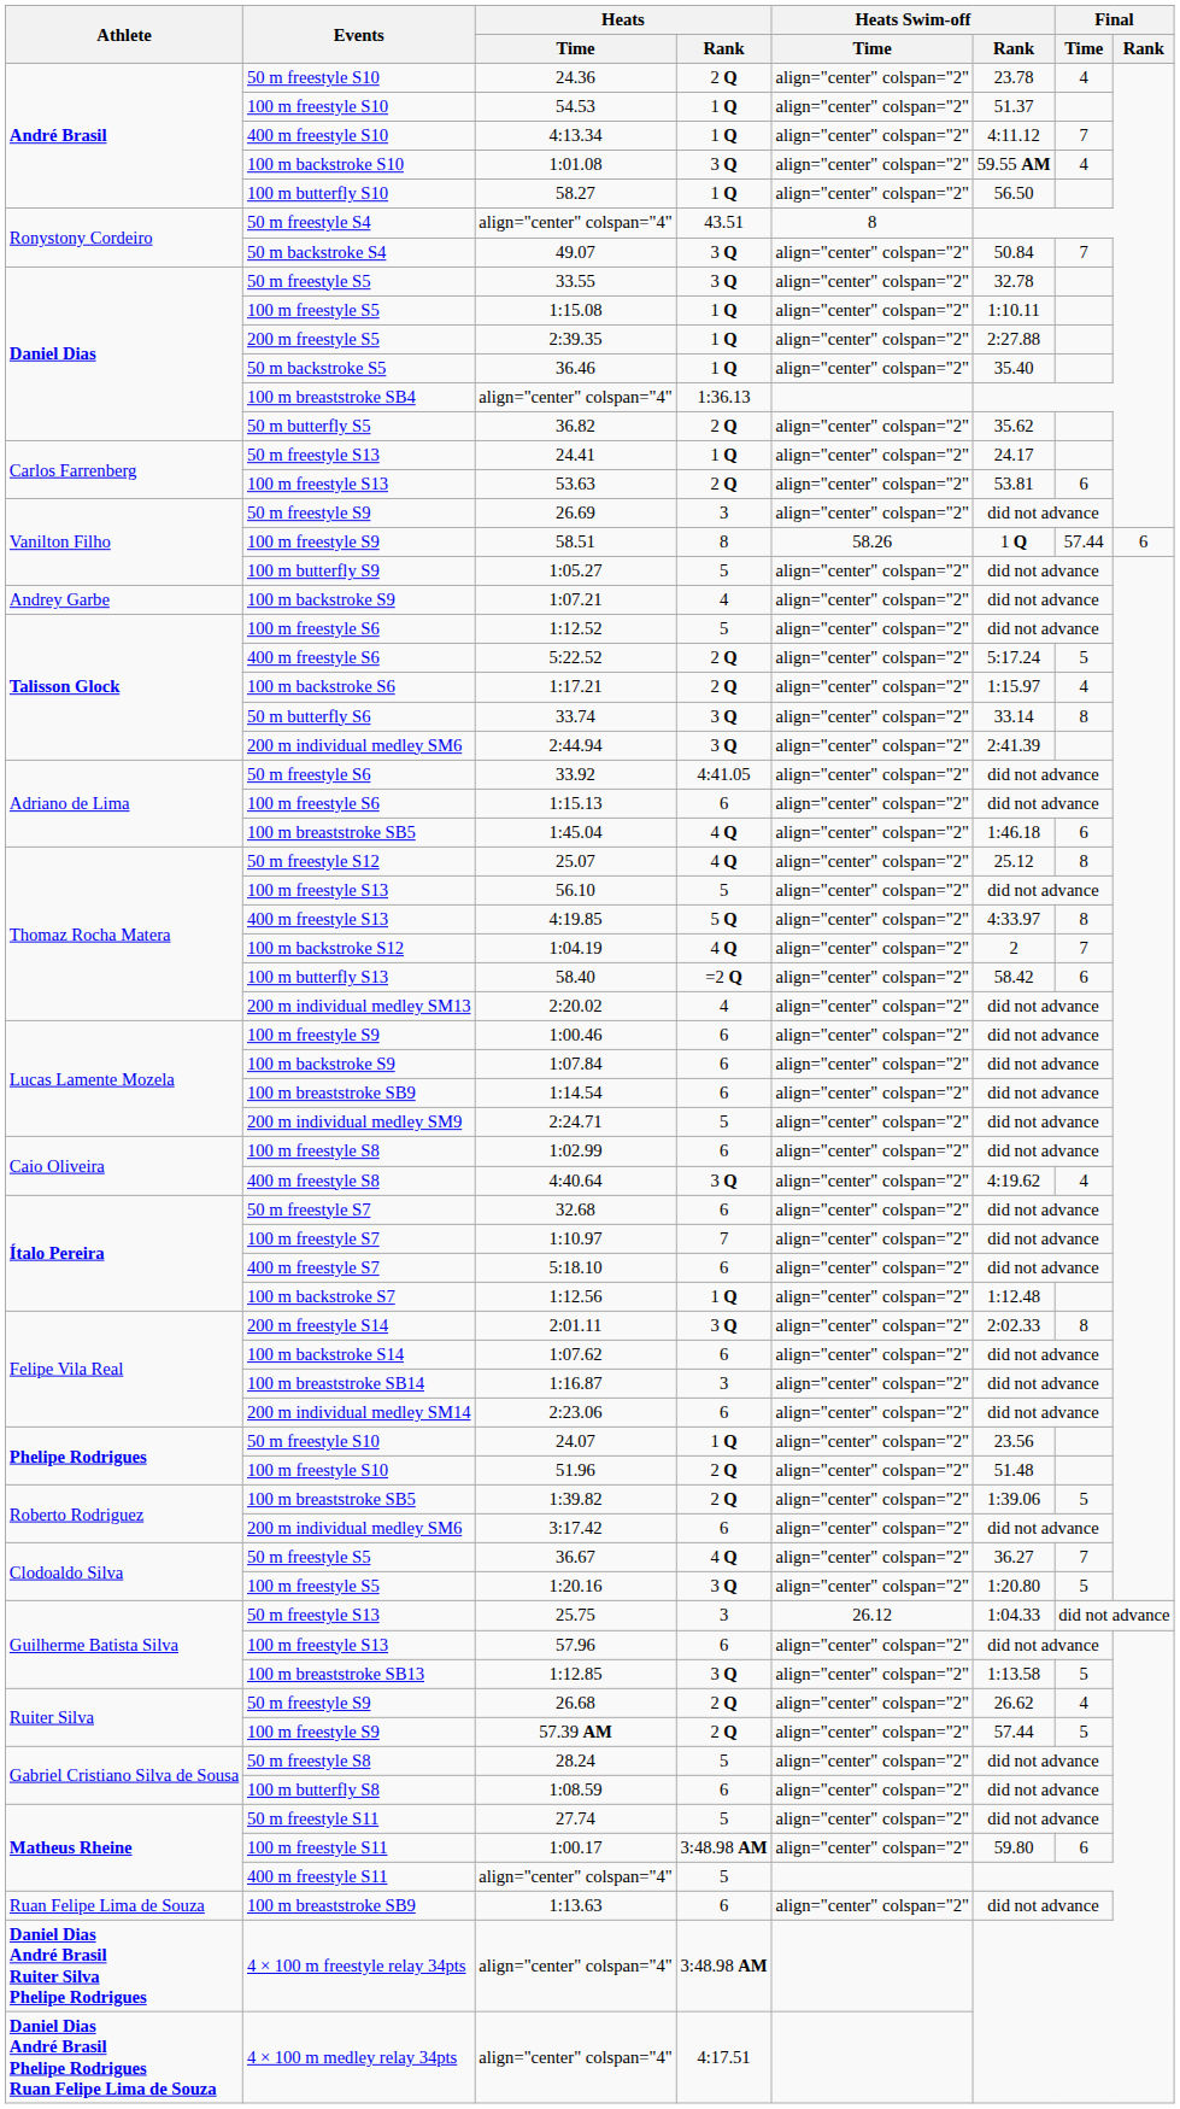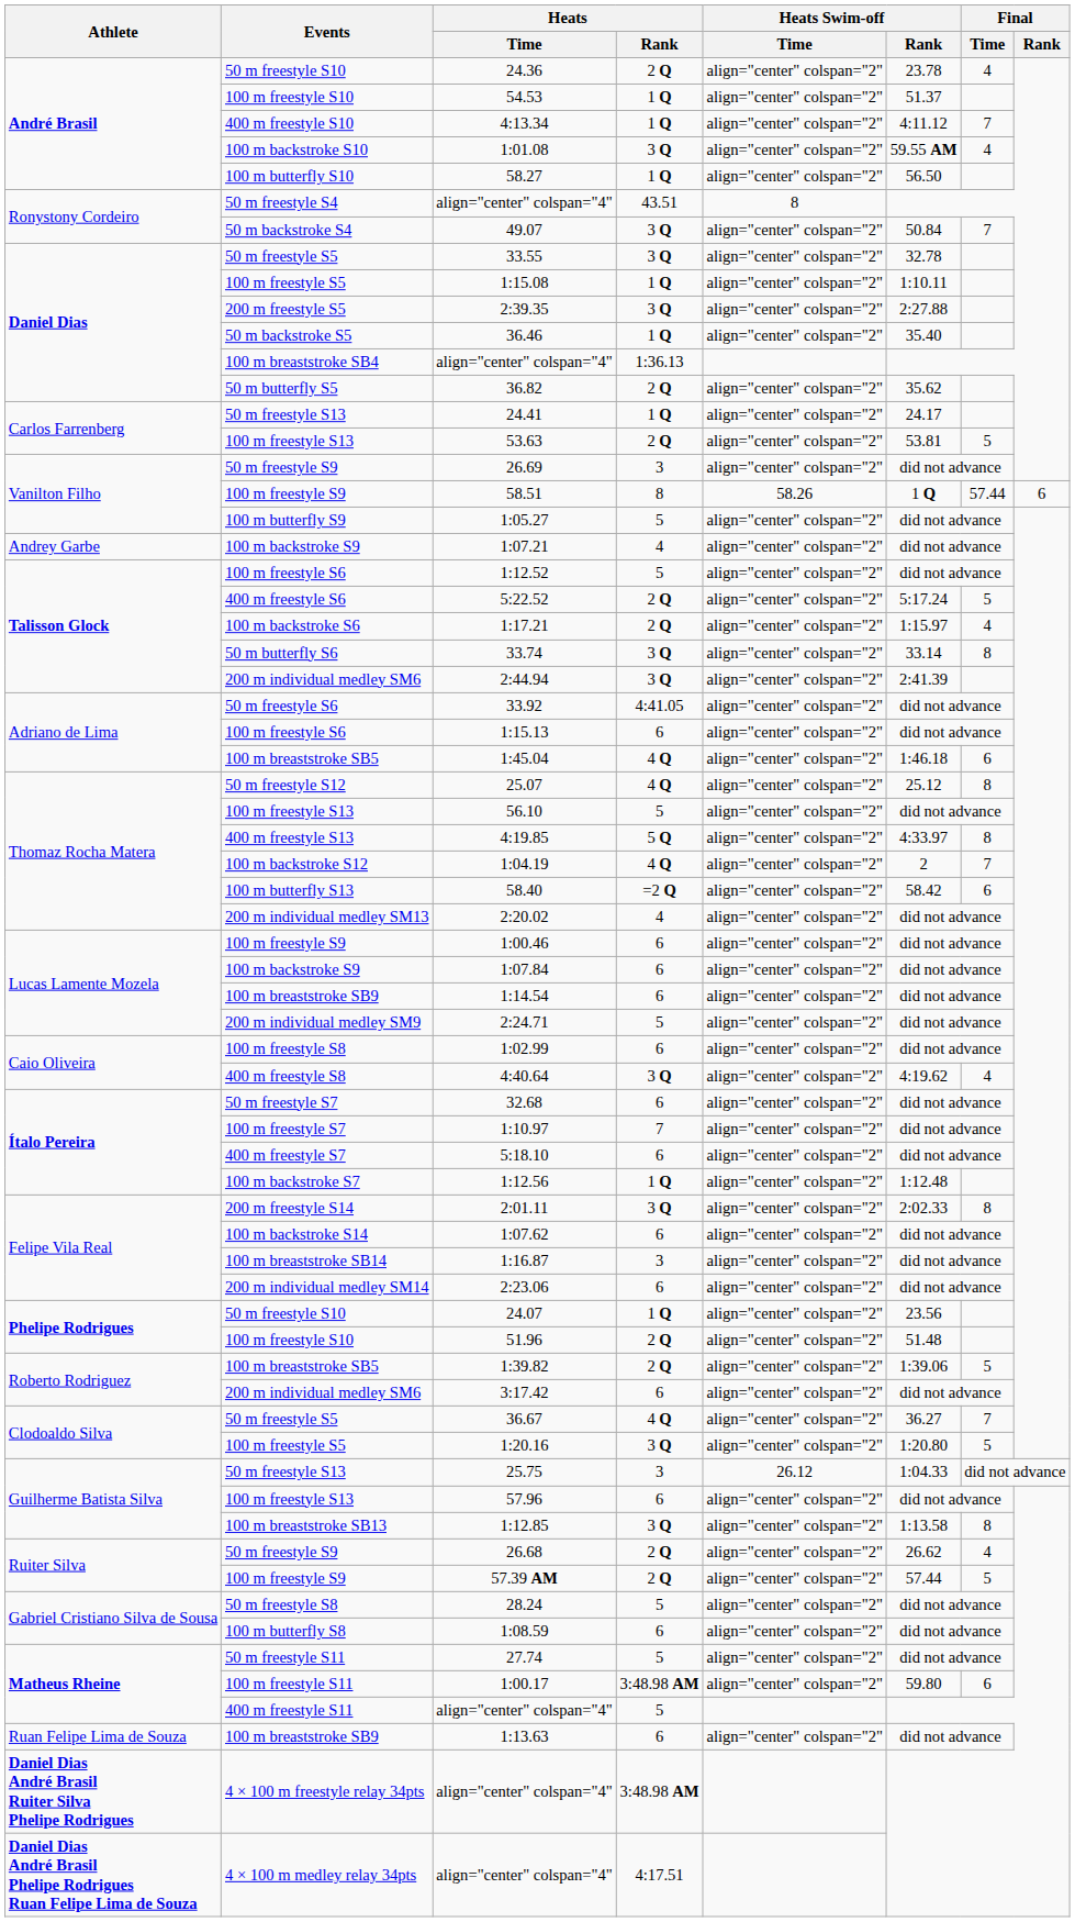 <table class=wikitable style="font-size:95%">
 <tr>
 <th rowspan="2">Athlete</th>
 <th rowspan="2">Events</th>
 <th colspan="2">Heats</th>
 <th colspan="2">Heats Swim-off</th>
 <th colspan="2">Final</th>
 </tr>
 <tr>
 <th>Time</th>
 <th>Rank</th>
 <th>Time</th>
 <th>Rank</th>
 <th>Time</th>
 <th>Rank</th>
 </tr>
 <tr>
 <td rowspan="5"><strong><a href='#'>André Brasil</a></strong></td>
 <td><a href='#'>50 m freestyle S10</a></td>
 <td style="text-align:center;">24.36</td>
 <td style="text-align:center;">2 <strong>Q</strong></td>
 <td>align="center" colspan="2" </td>
 <td style="text-align:center;">23.78</td>
 <td style="text-align:center;">4</td>
 </tr>
 <tr>
 <td><a href='#'>100 m freestyle S10</a></td>
 <td style="text-align:center;">54.53</td>
 <td style="text-align:center;">1 <strong>Q</strong></td>
 <td>align="center" colspan="2" </td>
 <td style="text-align:center;">51.37</td>
 <td style="text-align:center;"></td>
 </tr>
 <tr>
 <td><a href='#'>400 m freestyle S10</a></td>
 <td style="text-align:center;">4:13.34</td>
 <td style="text-align:center;">1 <strong>Q</strong></td>
 <td>align="center" colspan="2" </td>
 <td style="text-align:center;">4:11.12</td>
 <td style="text-align:center;">7</td>
 </tr>
 <tr>
 <td><a href='#'>100 m backstroke S10</a></td>
 <td style="text-align:center;">1:01.08</td>
 <td style="text-align:center;">3 <strong>Q</strong></td>
 <td>align="center" colspan="2" </td>
 <td style="text-align:center;">59.55 <strong>AM</strong></td>
 <td style="text-align:center;">4</td>
 </tr>
 <tr>
 <td><a href='#'>100 m butterfly S10</a></td>
 <td style="text-align:center;">58.27</td>
 <td style="text-align:center;">1 <strong>Q</strong></td>
 <td>align="center" colspan="2" </td>
 <td style="text-align:center;">56.50</td>
 <td style="text-align:center;"></td>
 </tr>
 <tr>
 <td rowspan="2"><a href='#'>Ronystony Cordeiro</a></td>
 <td><a href='#'>50 m freestyle S4</a></td>
 <td>align="center" colspan="4" </td>
 <td style="text-align:center;">43.51</td>
 <td style="text-align:center;">8</td>
 </tr>
 <tr>
 <td><a href='#'>50 m backstroke S4</a></td>
 <td style="text-align:center;">49.07</td>
 <td style="text-align:center;">3 <strong>Q</strong></td>
 <td>align="center" colspan="2" </td>
 <td style="text-align:center;">50.84</td>
 <td style="text-align:center;">7</td>
 </tr>
 <tr>
 <td rowspan="6"><strong><a href='#'>Daniel Dias</a></strong></td>
 <td><a href='#'>50 m freestyle S5</a></td>
 <td style="text-align:center;">33.55</td>
 <td style="text-align:center;">3 <strong>Q</strong></td>
 <td>align="center" colspan="2" </td>
 <td style="text-align:center;">32.78</td>
 <td style="text-align:center;"></td>
 </tr>
 <tr>
 <td><a href='#'>100 m freestyle S5</a></td>
 <td style="text-align:center;">1:15.08</td>
 <td style="text-align:center;">1 <strong>Q</strong></td>
 <td>align="center" colspan="2" </td>
 <td style="text-align:center;">1:10.11</td>
 <td style="text-align:center;"></td>
 </tr>
 <tr>
 <td><a href='#'>200 m freestyle S5</a></td>
 <td style="text-align:center;">2:39.35</td>
-<td style="text-align:center;">1 <strong>Q</strong></td>
+<td style="text-align:center;">3 <strong>Q</strong></td>
 <td>align="center" colspan="2" </td>
 <td style="text-align:center;">2:27.88</td>
 <td style="text-align:center;"></td>
 </tr>
 <tr>
 <td><a href='#'>50 m backstroke S5</a></td>
 <td style="text-align:center;">36.46</td>
 <td style="text-align:center;">1 <strong>Q</strong></td>
 <td>align="center" colspan="2" </td>
 <td style="text-align:center;">35.40</td>
 <td style="text-align:center;"></td>
 </tr>
 <tr>
 <td><a href='#'>100 m breaststroke SB4</a></td>
 <td>align="center" colspan="4" </td>
 <td style="text-align:center;">1:36.13</td>
 <td style="text-align:center;"></td>
 </tr>
 <tr>
 <td><a href='#'>50 m butterfly S5</a></td>
 <td style="text-align:center;">36.82</td>
 <td style="text-align:center;">2 <strong>Q</strong></td>
 <td>align="center" colspan="2" </td>
 <td style="text-align:center;">35.62</td>
 <td style="text-align:center;"></td>
 </tr>
 <tr>
 <td rowspan="2"><a href='#'>Carlos Farrenberg</a></td>
 <td><a href='#'>50 m freestyle S13</a></td>
 <td style="text-align:center;">24.41</td>
 <td style="text-align:center;">1 <strong>Q</strong></td>
 <td>align="center" colspan="2" </td>
 <td style="text-align:center;">24.17</td>
 <td style="text-align:center;"></td>
 </tr>
 <tr>
 <td><a href='#'>100 m freestyle S13</a></td>
 <td style="text-align:center;">53.63</td>
 <td style="text-align:center;">2 <strong>Q</strong></td>
 <td>align="center" colspan="2" </td>
 <td style="text-align:center;">53.81</td>
-<td style="text-align:center;">6</td>
+<td style="text-align:center;">5</td>
 </tr>
 <tr>
 <td rowspan="3"><a href='#'>Vanilton Filho</a></td>
 <td><a href='#'>50 m freestyle S9</a></td>
 <td style="text-align:center;">26.69</td>
 <td style="text-align:center;">3</td>
 <td>align="center" colspan="2" </td>
 <td align="center" colspan=2>did not advance</td>
 </tr>
 <tr>
 <td><a href='#'>100 m freestyle S9</a></td>
 <td style="text-align:center;">58.51</td>
 <td style="text-align:center;">8</td>
 <td style="text-align:center;">58.26</td>
 <td style="text-align:center;">1 <strong>Q</strong></td>
 <td style="text-align:center;">57.44</td>
 <td style="text-align:center;">6</td>
 </tr>
 <tr>
 <td><a href='#'>100 m butterfly S9</a></td>
 <td style="text-align:center;">1:05.27</td>
 <td style="text-align:center;">5</td>
 <td>align="center" colspan="2" </td>
 <td align="center" colspan=2>did not advance</td>
 </tr>
 <tr>
 <td><a href='#'>Andrey Garbe</a></td>
 <td><a href='#'>100 m backstroke S9</a></td>
 <td style="text-align:center;">1:07.21</td>
 <td style="text-align:center;">4</td>
 <td>align="center" colspan="2" </td>
 <td align="center" colspan=2>did not advance</td>
 </tr>
 <tr>
 <td rowspan="5"><strong><a href='#'>Talisson Glock</a></strong></td>
 <td><a href='#'>100 m freestyle S6</a></td>
 <td style="text-align:center;">1:12.52</td>
 <td style="text-align:center;">5</td>
 <td>align="center" colspan="2" </td>
 <td align="center" colspan=2>did not advance</td>
 </tr>
 <tr>
 <td><a href='#'>400 m freestyle S6</a></td>
 <td style="text-align:center;">5:22.52</td>
 <td style="text-align:center;">2 <strong>Q</strong></td>
 <td>align="center" colspan="2" </td>
 <td style="text-align:center;">5:17.24</td>
 <td style="text-align:center;">5</td>
 </tr>
 <tr>
 <td><a href='#'>100 m backstroke S6</a></td>
 <td style="text-align:center;">1:17.21</td>
 <td style="text-align:center;">2 <strong>Q</strong></td>
 <td>align="center" colspan="2" </td>
 <td style="text-align:center;">1:15.97</td>
 <td style="text-align:center;">4</td>
 </tr>
 <tr>
 <td><a href='#'>50 m butterfly S6</a></td>
 <td style="text-align:center;">33.74</td>
 <td style="text-align:center;">3 <strong>Q</strong></td>
 <td>align="center" colspan="2" </td>
 <td style="text-align:center;">33.14</td>
 <td style="text-align:center;">8</td>
 </tr>
 <tr>
 <td><a href='#'>200 m individual medley SM6</a></td>
 <td style="text-align:center;">2:44.94</td>
 <td style="text-align:center;">3 <strong>Q</strong></td>
 <td>align="center" colspan="2" </td>
 <td style="text-align:center;">2:41.39</td>
 <td style="text-align:center;"></td>
 </tr>
 <tr>
 <td rowspan="3"><a href='#'>Adriano de Lima</a></td>
 <td><a href='#'>50 m freestyle S6</a></td>
 <td style="text-align:center;">33.92</td>
 <td style="text-align:center;">4:41.05</td>
 <td>align="center" colspan="2" </td>
 <td align="center" colspan=2>did not advance</td>
 </tr>
 <tr>
 <td><a href='#'>100 m freestyle S6</a></td>
 <td style="text-align:center;">1:15.13</td>
 <td style="text-align:center;">6</td>
 <td>align="center" colspan="2" </td>
 <td align="center" colspan=2>did not advance</td>
 </tr>
 <tr>
 <td><a href='#'>100 m breaststroke SB5</a></td>
 <td style="text-align:center;">1:45.04</td>
 <td style="text-align:center;">4 <strong>Q</strong></td>
 <td>align="center" colspan="2" </td>
 <td style="text-align:center;">1:46.18</td>
 <td style="text-align:center;">6</td>
 </tr>
 <tr>
 <td rowspan="6"><a href='#'>Thomaz Rocha Matera</a></td>
 <td><a href='#'>50 m freestyle S12</a></td>
 <td style="text-align:center;">25.07</td>
 <td style="text-align:center;">4 <strong>Q</strong></td>
 <td>align="center" colspan="2" </td>
 <td style="text-align:center;">25.12</td>
 <td style="text-align:center;">8</td>
 </tr>
 <tr>
 <td><a href='#'>100 m freestyle S13</a></td>
 <td style="text-align:center;">56.10</td>
 <td style="text-align:center;">5</td>
 <td>align="center" colspan="2" </td>
 <td align="center" colspan=2>did not advance</td>
 </tr>
 <tr>
 <td><a href='#'>400 m freestyle S13</a></td>
 <td style="text-align:center;">4:19.85</td>
 <td style="text-align:center;">5 <strong>Q</strong></td>
 <td>align="center" colspan="2" </td>
 <td style="text-align:center;">4:33.97</td>
 <td style="text-align:center;">8</td>
 </tr>
 <tr>
 <td><a href='#'>100 m backstroke S12</a></td>
 <td style="text-align:center;">1:04.19</td>
 <td style="text-align:center;">4 <strong>Q</strong></td>
 <td>align="center" colspan="2" </td>
 <td style="text-align:center;">2</td>
 <td style="text-align:center;">7</td>
 </tr>
 <tr>
 <td><a href='#'>100 m butterfly S13</a></td>
 <td style="text-align:center;">58.40</td>
 <td style="text-align:center;">=2 <strong>Q</strong></td>
 <td>align="center" colspan="2" </td>
 <td style="text-align:center;">58.42</td>
 <td style="text-align:center;">6</td>
 </tr>
 <tr>
 <td><a href='#'>200 m individual medley SM13</a></td>
 <td style="text-align:center;">2:20.02</td>
 <td style="text-align:center;">4</td>
 <td>align="center" colspan="2" </td>
 <td align="center" colspan=2>did not advance</td>
 </tr>
 <tr>
 <td rowspan="4"><a href='#'>Lucas Lamente Mozela</a></td>
 <td><a href='#'>100 m freestyle S9</a></td>
 <td style="text-align:center;">1:00.46</td>
 <td style="text-align:center;">6</td>
 <td>align="center" colspan="2" </td>
 <td align="center" colspan=2>did not advance</td>
 </tr>
 <tr>
 <td><a href='#'>100 m backstroke S9</a></td>
 <td style="text-align:center;">1:07.84</td>
 <td style="text-align:center;">6</td>
 <td>align="center" colspan="2" </td>
 <td align="center" colspan=2>did not advance</td>
 </tr>
 <tr>
 <td><a href='#'>100 m breaststroke SB9</a></td>
 <td style="text-align:center;">1:14.54</td>
 <td style="text-align:center;">6</td>
 <td>align="center" colspan="2" </td>
 <td align="center" colspan=2>did not advance</td>
 </tr>
 <tr>
 <td><a href='#'>200 m individual medley SM9</a></td>
 <td style="text-align:center;">2:24.71</td>
 <td style="text-align:center;">5</td>
 <td>align="center" colspan="2" </td>
 <td align="center" colspan=2>did not advance</td>
 </tr>
 <tr>
 <td rowspan="2"><a href='#'>Caio Oliveira</a></td>
 <td><a href='#'>100 m freestyle S8</a></td>
 <td style="text-align:center;">1:02.99</td>
 <td style="text-align:center;">6</td>
 <td>align="center" colspan="2" </td>
 <td align="center" colspan=2>did not advance</td>
 </tr>
 <tr>
 <td><a href='#'>400 m freestyle S8</a></td>
 <td style="text-align:center;">4:40.64</td>
 <td style="text-align:center;">3 <strong>Q</strong></td>
 <td>align="center" colspan="2" </td>
 <td style="text-align:center;">4:19.62</td>
 <td style="text-align:center;">4</td>
 </tr>
 <tr>
 <td rowspan="4"><strong><a href='#'>Ítalo Pereira</a></strong></td>
 <td><a href='#'>50 m freestyle S7</a></td>
 <td style="text-align:center;">32.68</td>
 <td style="text-align:center;">6</td>
 <td>align="center" colspan="2" </td>
 <td align="center" colspan=2>did not advance</td>
 </tr>
 <tr>
 <td><a href='#'>100 m freestyle S7</a></td>
 <td style="text-align:center;">1:10.97</td>
 <td style="text-align:center;">7</td>
 <td>align="center" colspan="2" </td>
 <td align="center" colspan=2>did not advance</td>
 </tr>
 <tr>
 <td><a href='#'>400 m freestyle S7</a></td>
 <td style="text-align:center;">5:18.10</td>
 <td style="text-align:center;">6</td>
 <td>align="center" colspan="2" </td>
 <td align="center" colspan=2>did not advance</td>
 </tr>
 <tr>
 <td><a href='#'>100 m backstroke S7</a></td>
 <td style="text-align:center;">1:12.56</td>
 <td style="text-align:center;">1 <strong>Q</strong></td>
 <td>align="center" colspan="2" </td>
 <td style="text-align:center;">1:12.48</td>
 <td style="text-align:center;"></td>
 </tr>
 <tr>
 <td rowspan="4"><a href='#'>Felipe Vila Real</a></td>
 <td><a href='#'>200 m freestyle S14</a></td>
 <td style="text-align:center;">2:01.11</td>
 <td style="text-align:center;">3 <strong>Q</strong></td>
 <td>align="center" colspan="2" </td>
 <td style="text-align:center;">2:02.33</td>
 <td style="text-align:center;">8</td>
 </tr>
 <tr>
 <td><a href='#'>100 m backstroke S14</a></td>
 <td style="text-align:center;">1:07.62</td>
 <td style="text-align:center;">6</td>
 <td>align="center" colspan="2" </td>
 <td align="center" colspan=2>did not advance</td>
 </tr>
 <tr>
 <td><a href='#'>100 m breaststroke SB14</a></td>
 <td style="text-align:center;">1:16.87</td>
 <td style="text-align:center;">3</td>
 <td>align="center" colspan="2" </td>
 <td align="center" colspan=2>did not advance</td>
 </tr>
 <tr>
 <td><a href='#'>200 m individual medley SM14</a></td>
 <td style="text-align:center;">2:23.06</td>
 <td style="text-align:center;">6</td>
 <td>align="center" colspan="2" </td>
 <td align="center" colspan=2>did not advance</td>
 </tr>
 <tr>
 <td rowspan="2"><strong><a href='#'>Phelipe Rodrigues</a></strong></td>
 <td><a href='#'>50 m freestyle S10</a></td>
 <td style="text-align:center;">24.07</td>
 <td style="text-align:center;">1 <strong>Q</strong></td>
 <td>align="center" colspan="2" </td>
 <td style="text-align:center;">23.56</td>
 <td style="text-align:center;"></td>
 </tr>
 <tr>
 <td><a href='#'>100 m freestyle S10</a></td>
 <td style="text-align:center;">51.96</td>
 <td style="text-align:center;">2 <strong>Q</strong></td>
 <td>align="center" colspan="2" </td>
 <td style="text-align:center;">51.48</td>
 <td style="text-align:center;"></td>
 </tr>
 <tr>
 <td rowspan="2"><a href='#'>Roberto Rodriguez</a></td>
 <td><a href='#'>100 m breaststroke SB5</a></td>
 <td style="text-align:center;">1:39.82</td>
 <td style="text-align:center;">2 <strong>Q</strong></td>
 <td>align="center" colspan="2" </td>
 <td style="text-align:center;">1:39.06</td>
 <td style="text-align:center;">5</td>
 </tr>
 <tr>
 <td><a href='#'>200 m individual medley SM6</a></td>
 <td style="text-align:center;">3:17.42</td>
 <td style="text-align:center;">6</td>
 <td>align="center" colspan="2" </td>
 <td align="center" colspan=2>did not advance</td>
 </tr>
 <tr>
 <td rowspan="2"><a href='#'>Clodoaldo Silva</a></td>
 <td><a href='#'>50 m freestyle S5</a></td>
 <td style="text-align:center;">36.67</td>
 <td style="text-align:center;">4 <strong>Q</strong></td>
 <td>align="center" colspan="2" </td>
 <td style="text-align:center;">36.27</td>
 <td style="text-align:center;">7</td>
 </tr>
 <tr>
 <td><a href='#'>100 m freestyle S5</a></td>
 <td style="text-align:center;">1:20.16</td>
 <td style="text-align:center;">3 <strong>Q</strong></td>
 <td>align="center" colspan="2" </td>
 <td style="text-align:center;">1:20.80</td>
 <td style="text-align:center;">5</td>
 </tr>
 <tr>
 <td rowspan="3"><a href='#'>Guilherme Batista Silva</a></td>
 <td><a href='#'>50 m freestyle S13</a></td>
 <td style="text-align:center;">25.75</td>
 <td style="text-align:center;">3</td>
 <td style="text-align:center;">26.12</td>
 <td style="text-align:center;">1:04.33</td>
 <td align="center" colspan=2>did not advance</td>
 </tr>
 <tr>
 <td><a href='#'>100 m freestyle S13</a></td>
 <td style="text-align:center;">57.96</td>
 <td style="text-align:center;">6</td>
 <td>align="center" colspan="2" </td>
 <td align="center" colspan=2>did not advance</td>
 </tr>
 <tr>
 <td><a href='#'>100 m breaststroke SB13</a></td>
 <td style="text-align:center;">1:12.85</td>
 <td style="text-align:center;">3 <strong>Q</strong></td>
 <td>align="center" colspan="2" </td>
 <td style="text-align:center;">1:13.58</td>
-<td style="text-align:center;">5</td>
+<td style="text-align:center;">8</td>
 </tr>
 <tr>
 <td rowspan="2"><a href='#'>Ruiter Silva</a></td>
 <td><a href='#'>50 m freestyle S9</a></td>
 <td style="text-align:center;">26.68</td>
 <td style="text-align:center;">2 <strong>Q</strong></td>
 <td>align="center" colspan="2" </td>
 <td style="text-align:center;">26.62</td>
 <td style="text-align:center;">4</td>
 </tr>
 <tr>
 <td><a href='#'>100 m freestyle S9</a></td>
 <td style="text-align:center;">57.39 <strong>AM</strong></td>
 <td style="text-align:center;">2 <strong>Q</strong></td>
 <td>align="center" colspan="2" </td>
 <td style="text-align:center;">57.44</td>
 <td style="text-align:center;">5</td>
 </tr>
 <tr>
 <td rowspan="2"><a href='#'>Gabriel Cristiano Silva de Sousa</a></td>
 <td><a href='#'>50 m freestyle S8</a></td>
 <td style="text-align:center;">28.24</td>
 <td style="text-align:center;">5</td>
 <td>align="center" colspan="2" </td>
 <td align="center" colspan=2>did not advance</td>
 </tr>
 <tr>
 <td><a href='#'>100 m butterfly S8</a></td>
 <td style="text-align:center;">1:08.59</td>
 <td style="text-align:center;">6</td>
 <td>align="center" colspan="2" </td>
 <td align="center" colspan=2>did not advance</td>
 </tr>
 <tr>
 <td rowspan="3"><strong><a href='#'>Matheus Rheine</a></strong></td>
 <td><a href='#'>50 m freestyle S11</a></td>
 <td style="text-align:center;">27.74</td>
 <td style="text-align:center;">5</td>
 <td>align="center" colspan="2" </td>
 <td align="center" colspan=2>did not advance</td>
 </tr>
 <tr>
 <td><a href='#'>100 m freestyle S11</a></td>
 <td style="text-align:center;">1:00.17</td>
 <td style="text-align:center;">3:48.98 <strong>AM</strong></td>
 <td>align="center" colspan="2" </td>
 <td style="text-align:center;">59.80</td>
 <td style="text-align:center;">6</td>
 </tr>
 <tr>
 <td><a href='#'>400 m freestyle S11</a></td>
 <td>align="center" colspan="4" </td>
 <td style="text-align:center;">5</td>
 <td style="text-align:center;"></td>
 </tr>
 <tr>
 <td><a href='#'>Ruan Felipe Lima de Souza</a></td>
 <td><a href='#'>100 m breaststroke SB9</a></td>
 <td style="text-align:center;">1:13.63</td>
 <td style="text-align:center;">6</td>
 <td>align="center" colspan="2" </td>
 <td align="center" colspan=2>did not advance</td>
 </tr>
 <tr>
 <td><strong><a href='#'>Daniel Dias</a><br><a href='#'>André Brasil</a><br><a href='#'>Ruiter Silva</a><br><a href='#'>Phelipe Rodrigues</a></strong></td>
 <td><a href='#'>4 × 100 m freestyle relay 34pts</a></td>
 <td>align="center" colspan="4" </td>
 <td style="text-align:center;">3:48.98 <strong>AM</strong></td>
 <td style="text-align:center;"></td>
 </tr>
 <tr>
 <td><strong><a href='#'>Daniel Dias</a><br><a href='#'>André Brasil</a><br><a href='#'>Phelipe Rodrigues</a><br><a href='#'>Ruan Felipe Lima de Souza</a></strong></td>
 <td><a href='#'>4 × 100 m medley relay 34pts</a></td>
 <td>align="center" colspan="4" </td>
 <td style="text-align:center;">4:17.51</td>
 <td style="text-align:center;"></td>
 </tr>
 </table>
